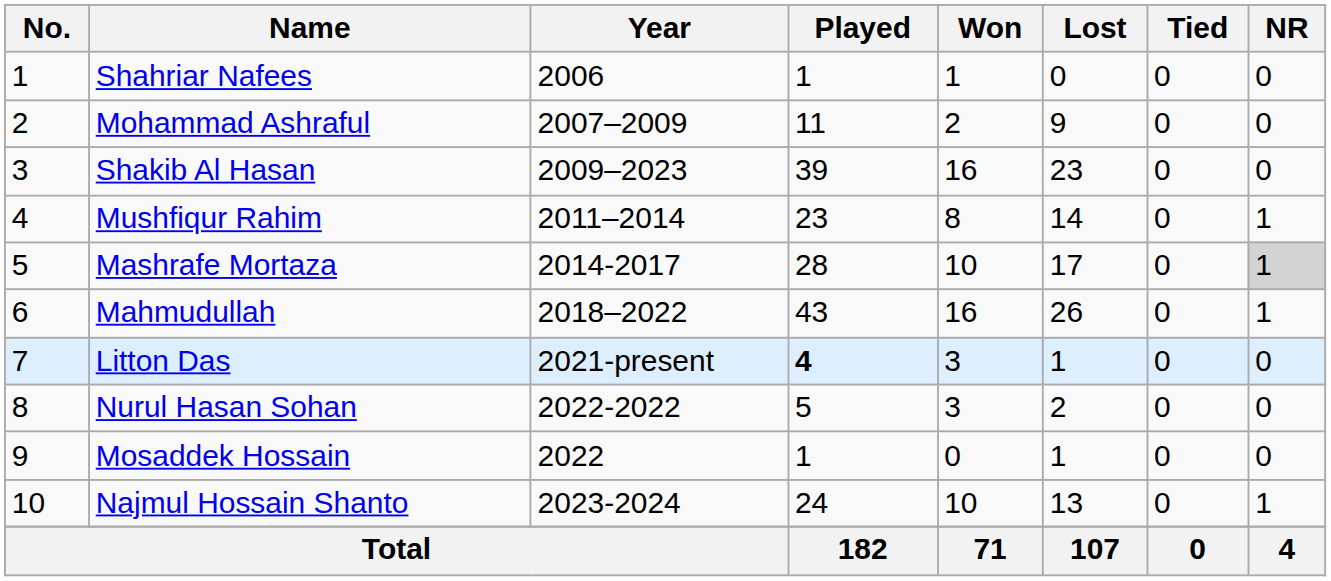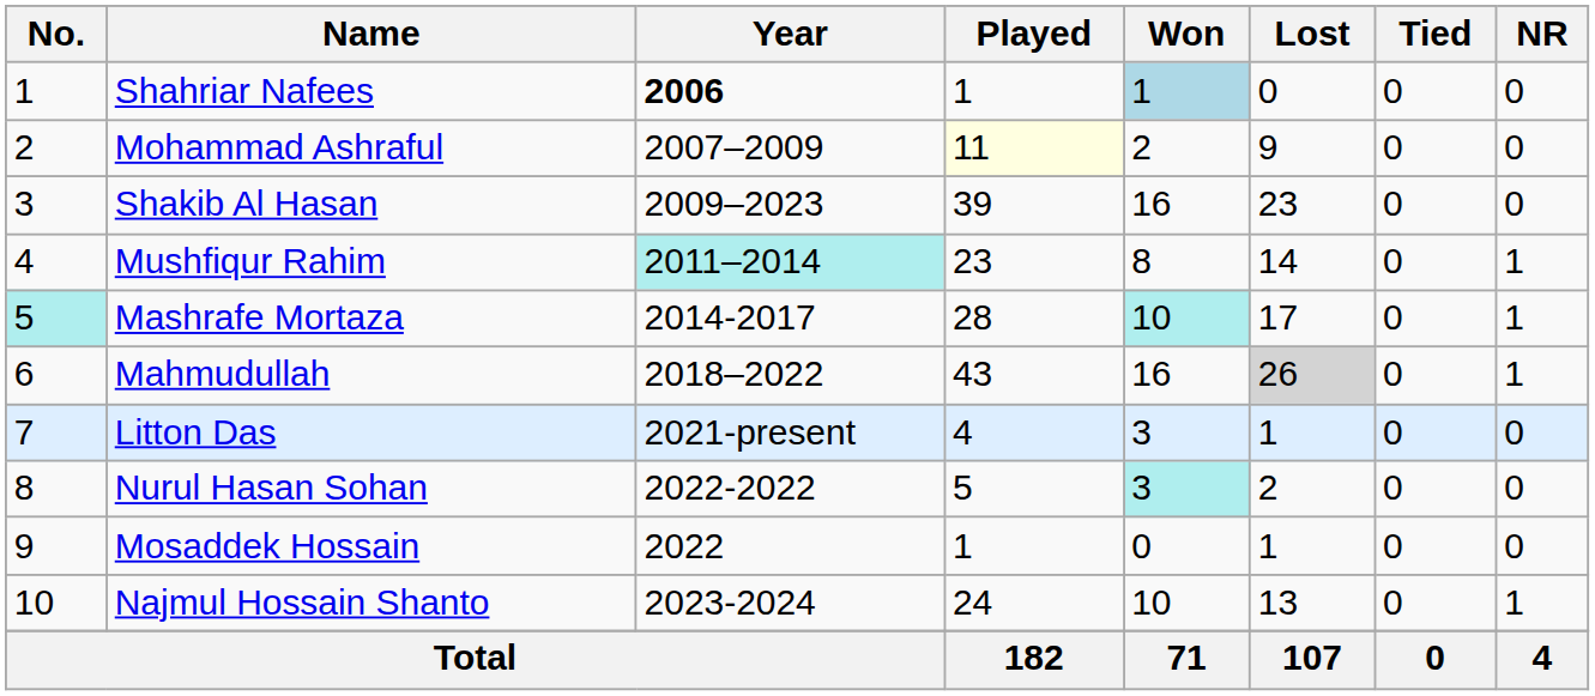 <table class="wikitable" style="width:80%;">
 <tr style="background:#efefef;">
 <th>No.</th>
 <th>Name</th>
 <th>Year</th>
 <th>Played</th>
 <th>Won</th>
 <th>Lost</th>
 <th>Tied</th>
 <th>NR</th>
 </tr>
 <tr>
 <td>1</td>
 <td><a href='#'>Shahriar Nafees</a></td>
-<td>2006</td>
+<td><strong>2006</strong></td>
 <td>1</td>
-<td>1</td>
+<td style="background: lightblue;">1</td>
 <td>0</td>
 <td>0</td>
 <td>0</td>
 </tr>
 <tr>
 <td>2</td>
 <td><a href='#'>Mohammad Ashraful</a></td>
 <td>2007–2009</td>
-<td>11</td>
+<td style="background: lightyellow;">11</td>
 <td>2</td>
 <td>9</td>
 <td>0</td>
 <td>0</td>
 </tr>
 <tr>
 <td>3</td>
 <td><a href='#'>Shakib Al Hasan</a></td>
 <td>2009–2023</td>
 <td>39</td>
 <td>16</td>
 <td>23</td>
 <td>0</td>
 <td>0</td>
 </tr>
 <tr>
 <td>4</td>
 <td><a href='#'>Mushfiqur Rahim</a></td>
-<td>2011–2014</td>
+<td style="background: paleturquoise;">2011–2014</td>
 <td>23</td>
 <td>8</td>
 <td>14</td>
 <td>0</td>
 <td>1</td>
 </tr>
 <tr>
-<td>5</td>
+<td style="background: paleturquoise;">5</td>
 <td><a href='#'>Mashrafe Mortaza</a></td>
 <td>2014-2017</td>
 <td>28</td>
-<td>10</td>
+<td style="background: paleturquoise;">10</td>
 <td>17</td>
 <td>0</td>
-<td style="background: lightgrey;">1</td>
+<td>1</td>
 </tr>
 <tr>
 <td>6</td>
 <td><a href='#'>Mahmudullah</a></td>
 <td>2018–2022</td>
 <td>43</td>
 <td>16</td>
-<td>26</td>
+<td style="background: lightgrey;">26</td>
 <td>0</td>
 <td>1</td>
 </tr>
 <tr style="background:#def;">
 <td>7</td>
 <td><a href='#'>Litton Das</a></td>
 <td>2021-present</td>
-<td><strong>4</strong></td>
+<td>4</td>
 <td>3</td>
 <td>1</td>
 <td>0</td>
 <td>0</td>
 </tr>
 <tr>
 <td>8</td>
 <td><a href='#'>Nurul Hasan Sohan</a></td>
 <td>2022-2022</td>
 <td>5</td>
-<td>3</td>
+<td style="background: paleturquoise;">3</td>
 <td>2</td>
 <td>0</td>
 <td>0</td>
 </tr>
 <tr>
 <td>9</td>
 <td><a href='#'>Mosaddek Hossain</a></td>
 <td>2022</td>
 <td>1</td>
 <td>0</td>
 <td>1</td>
 <td>0</td>
 <td>0</td>
 </tr>
 <tr>
 <td>10</td>
 <td><a href='#'>Najmul Hossain Shanto</a></td>
 <td>2023-2024</td>
 <td>24</td>
 <td>10</td>
 <td>13</td>
 <td>0</td>
 <td>1</td>
 </tr>
 <tr>
 </tr>
 <tr class="sortbottom">
 <th colspan="3" style="text-align:center;"><strong>Total</strong></th>
 <th>182</th>
 <th>71</th>
 <th><strong>107</strong></th>
 <th><strong>0</strong></th>
 <th><strong>4</strong></th>
 </tr>
 </table>
